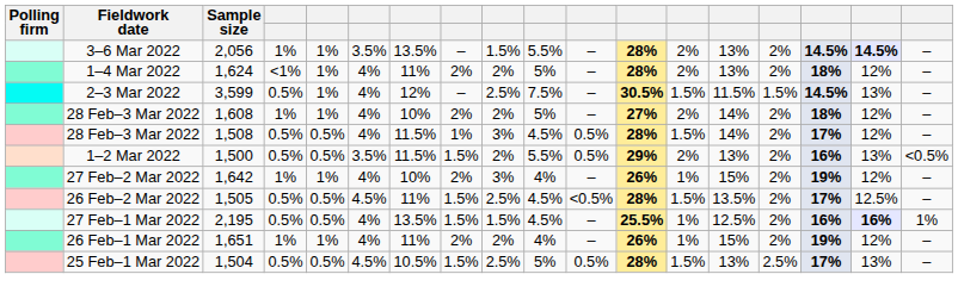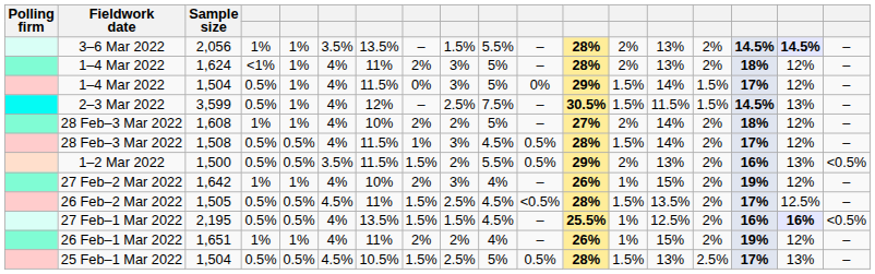 <table class="wikitable sortable" style="text-align:center;font-size:95%;line-height:14px;">
 <tr>
 <th rowspan="2">Polling<br>firm</th>
 <th rowspan="2">Fieldwork<br>date</th>
 <th rowspan="2">Sample<br>size</th>
 <th></th>
 <th></th>
 <th></th>
 <th></th>
 <th></th>
 <th></th>
 <th></th>
 <th></th>
 <th></th>
 <th></th>
 <th></th>
 <th></th>
 <th></th>
 <th></th>
 <th></th>
 </tr>
 <tr>
 <th style="background:"></th>
 <th style="background:"></th>
 <th style="background:"></th>
 <th style="background:"></th>
 <th style="background:"></th>
 <th style="background:"></th>
 <th style="background:"></th>
 <th style="background:"></th>
 <th style="background:"></th>
 <th style="background:"></th>
 <th style="background:"></th>
 <th style="background:"></th>
 <th style="background:"></th>
 <th style="background:"></th>
 <th style="background:"></th>
 </tr>
 <tr>
 <td style="background:#d9fff6;"></td>
 <td>3–6 Mar 2022</td>
 <td>2,056</td>
 <td>1%</td>
 <td>1%</td>
 <td>3.5%</td>
 <td>13.5%</td>
 <td>–</td>
 <td>1.5%</td>
 <td>5.5%</td>
 <td>–</td>
 <td style="background:#FFED99;"><strong>28%</strong></td>
 <td>2%</td>
 <td>13%</td>
 <td>2%</td>
 <td style="background:#E0E5F0;"><strong>14.5%</strong></td>
 <td style="background:#E5E7FF;"><strong>14.5%</strong></td>
 <td>–</td>
 </tr>
 <tr>
 <td style="background:#80fcd4;"></td>
 <td>1–4 Mar 2022</td>
 <td>1,624</td>
 <td><1%</td>
 <td>1%</td>
 <td>4%</td>
 <td>11%</td>
 <td>2%</td>
-<td>2%</td>
+<td>3%</td>
 <td>5%</td>
 <td>–</td>
 <td style="background:#FFED99;"><strong>28%</strong></td>
 <td>2%</td>
 <td>13%</td>
 <td>2%</td>
 <td style="background:#E0E5F0;"><strong>18%</strong></td>
+<td>12%</td>
+<td>–</td>
+</tr>
+<tr>
+<td style="background:#FFCCCC;"></td>
+<td>1–4 Mar 2022</td>
+<td>1,504</td>
+<td>0.5%</td>
+<td>1%</td>
+<td>4%</td>
+<td>11.5%</td>
+<td>0%</td>
+<td>3%</td>
+<td>5%</td>
+<td>0%</td>
+<td style="background:#FFED99;"><strong>29%</strong></td>
+<td>1.5%</td>
+<td>14%</td>
+<td>1.5%</td>
+<td style="background:#E0E5F0;"><strong>17%</strong></td>
 <td>12%</td>
 <td>–</td>
 </tr>
 <tr>
 <td style="background:#04FBF4;"></td>
 <td>2–3 Mar 2022</td>
 <td>3,599</td>
 <td>0.5%</td>
 <td>1%</td>
 <td>4%</td>
 <td>12%</td>
 <td>–</td>
 <td>2.5%</td>
 <td>7.5%</td>
 <td>–</td>
 <td style="background:#FFED99;"><strong>30.5%</strong></td>
 <td>1.5%</td>
 <td>11.5%</td>
 <td>1.5%</td>
 <td style="background:#E0E5F0;"><strong>14.5%</strong></td>
 <td>13%</td>
 <td>–</td>
 </tr>
 <tr>
 <td style="background:#80fcd4;"></td>
 <td>28 Feb–3 Mar 2022</td>
 <td>1,608</td>
 <td>1%</td>
 <td>1%</td>
 <td>4%</td>
 <td>10%</td>
 <td>2%</td>
 <td>2%</td>
 <td>5%</td>
 <td>–</td>
 <td style="background:#FFED99;"><strong>27%</strong></td>
 <td>2%</td>
 <td>14%</td>
 <td>2%</td>
 <td style="background:#E0E5F0;"><strong>18%</strong></td>
 <td>12%</td>
 <td>–</td>
 </tr>
 <tr>
 <td style="background:#FFCCCC;"></td>
 <td>28 Feb–3 Mar 2022</td>
 <td>1,508</td>
 <td>0.5%</td>
 <td>0.5%</td>
 <td>4%</td>
 <td>11.5%</td>
 <td>1%</td>
 <td>3%</td>
 <td>4.5%</td>
 <td>0.5%</td>
 <td style="background:#FFED99;"><strong>28%</strong></td>
 <td>1.5%</td>
 <td>14%</td>
 <td>2%</td>
 <td style="background:#E0E5F0;"><strong>17%</strong></td>
 <td>12%</td>
 <td>–</td>
 </tr>
 <tr>
 <td style="background:#FFDFCC;"></td>
 <td>1–2 Mar 2022</td>
 <td>1,500</td>
 <td>0.5%</td>
 <td>0.5%</td>
 <td>3.5%</td>
 <td>11.5%</td>
 <td>1.5%</td>
 <td>2%</td>
 <td>5.5%</td>
 <td>0.5%</td>
 <td style="background:#FFED99;"><strong>29%</strong></td>
 <td>2%</td>
 <td>13%</td>
 <td>2%</td>
 <td style="background:#E0E5F0;"><strong>16%</strong></td>
 <td>13%</td>
 <td><0.5%</td>
 </tr>
 <tr>
 <td style="background:#80fcd4;"></td>
 <td>27 Feb–2 Mar 2022</td>
 <td>1,642</td>
 <td>1%</td>
 <td>1%</td>
 <td>4%</td>
 <td>10%</td>
 <td>2%</td>
 <td>3%</td>
 <td>4%</td>
 <td>–</td>
 <td style="background:#FFED99;"><strong>26%</strong></td>
 <td>1%</td>
 <td>15%</td>
 <td>2%</td>
 <td style="background:#E0E5F0;"><strong>19%</strong></td>
 <td>12%</td>
 <td>–</td>
 </tr>
 <tr>
 <td style="background:#FFCCCC;"></td>
 <td>26 Feb–2 Mar 2022</td>
 <td>1,505</td>
 <td>0.5%</td>
 <td>0.5%</td>
 <td>4.5%</td>
 <td>11%</td>
 <td>1.5%</td>
 <td>2.5%</td>
 <td>4.5%</td>
 <td><0.5%</td>
 <td style="background:#FFED99;"><strong>28%</strong></td>
 <td>1.5%</td>
 <td>13.5%</td>
 <td>2%</td>
 <td style="background:#E0E5F0;"><strong>17%</strong></td>
 <td>12.5%</td>
 <td>–</td>
 </tr>
 <tr>
 <td style="background:#d9fff6;"></td>
 <td>27 Feb–1 Mar 2022</td>
 <td>2,195</td>
 <td>0.5%</td>
 <td>0.5%</td>
 <td>4%</td>
 <td>13.5%</td>
 <td>1.5%</td>
 <td>1.5%</td>
 <td>4.5%</td>
 <td>–</td>
 <td style="background:#FFED99;"><strong>25.5%</strong></td>
 <td>1%</td>
 <td>12.5%</td>
 <td>2%</td>
 <td style="background:#E0E5F0;"><strong>16%</strong></td>
 <td style="background:#E5E7FF;"><strong>16%</strong></td>
-<td>1%</td>
+<td><0.5%</td>
 </tr>
 <tr>
 <td style="background:#80fcd4;"></td>
 <td>26 Feb–1 Mar 2022</td>
 <td>1,651</td>
 <td>1%</td>
 <td>1%</td>
 <td>4%</td>
 <td>11%</td>
 <td>2%</td>
 <td>2%</td>
 <td>4%</td>
 <td>–</td>
 <td style="background:#FFED99;"><strong>26%</strong></td>
 <td>1%</td>
 <td>15%</td>
 <td>2%</td>
 <td style="background:#E0E5F0;"><strong>19%</strong></td>
 <td>12%</td>
 <td>–</td>
 </tr>
 <tr>
 <td style="background:#FFCCCC;"></td>
 <td>25 Feb–1 Mar 2022</td>
 <td>1,504</td>
 <td>0.5%</td>
 <td>0.5%</td>
 <td>4.5%</td>
 <td>10.5%</td>
 <td>1.5%</td>
 <td>2.5%</td>
 <td>5%</td>
 <td>0.5%</td>
 <td style="background:#FFED99;"><strong>28%</strong></td>
 <td>1.5%</td>
 <td>13%</td>
 <td>2.5%</td>
 <td style="background:#E0E5F0;"><strong>17%</strong></td>
 <td>13%</td>
 <td>–</td>
 </tr>
 </table>
